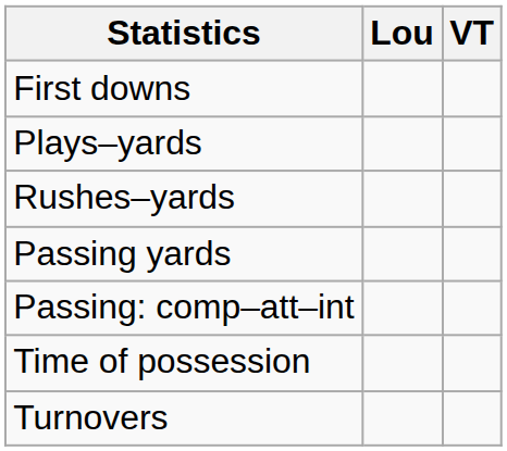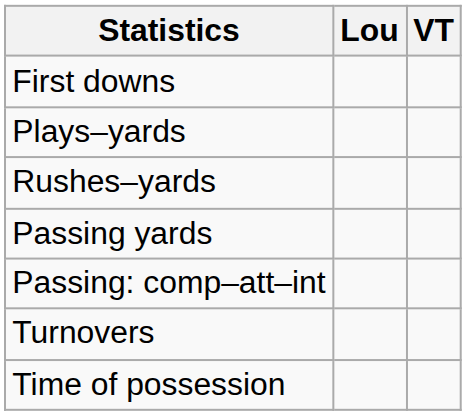 <table class="wikitable" style="float:left">
 <tr>
 <th>Statistics</th>
 <th>Lou</th>
 <th>VT</th>
 </tr>
 <tr>
 <td>First downs</td>
 <td></td>
 <td></td>
 </tr>
 <tr>
 <td>Plays–yards</td>
 <td></td>
 <td></td>
 </tr>
 <tr>
 <td>Rushes–yards</td>
 <td></td>
 <td></td>
 </tr>
 <tr>
 <td>Passing yards</td>
 <td></td>
 <td></td>
 </tr>
 <tr>
 <td>Passing: comp–att–int</td>
 <td></td>
 <td></td>
 </tr>
 <tr>
+<td>Turnovers</td>
+<td></td>
+<td></td>
+</tr>
+<tr>
 <td>Time of possession</td>
 <td></td>
 <td></td>
 </tr>
-<tr>
-<td>Turnovers</td>
-<td></td>
-<td></td>
-</tr>
 </table>
